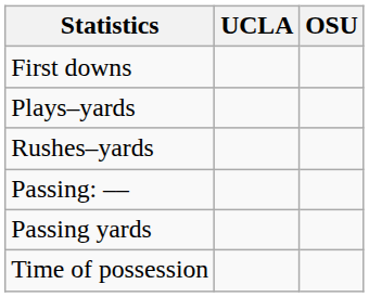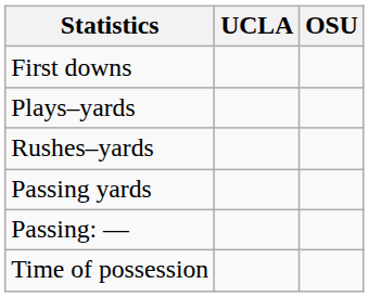 <table class="wikitable" style="float:left">
 <tr>
 <th>Statistics</th>
 <th>UCLA</th>
 <th>OSU</th>
 </tr>
 <tr>
 <td>First downs</td>
 <td></td>
 <td></td>
 </tr>
 <tr>
 <td>Plays–yards</td>
 <td></td>
 <td></td>
 </tr>
 <tr>
 <td>Rushes–yards</td>
 <td></td>
 <td></td>
 </tr>
 <tr>
-<td>Passing: ––</td>
+<td>Passing yards</td>
 <td></td>
 <td></td>
 </tr>
 <tr>
-<td>Passing yards</td>
+<td>Passing: ––</td>
 <td></td>
 <td></td>
 </tr>
 <tr>
 <td>Time of possession</td>
 <td></td>
 <td></td>
 </tr>
 </table>
